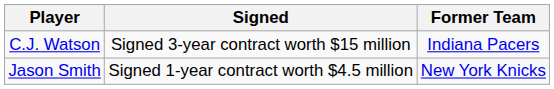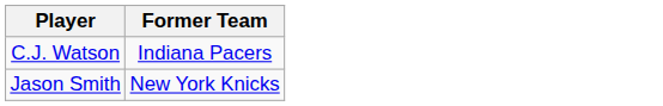 <table class="wikitable sortable sortable">
 <tr>
 <th>Player</th>
-<th>Signed</th>
 <th>Former Team</th>
 </tr>
 <tr style="text-align: center">
 <td><a href='#'>C.J. Watson</a></td>
-<td>Signed 3-year contract worth $15 million</td>
 <td><a href='#'>Indiana Pacers</a></td>
 </tr>
 <tr style="text-align: center">
 <td><a href='#'>Jason Smith</a></td>
-<td>Signed 1-year contract worth $4.5 million</td>
 <td><a href='#'>New York Knicks</a></td>
 </tr>
 </table>
